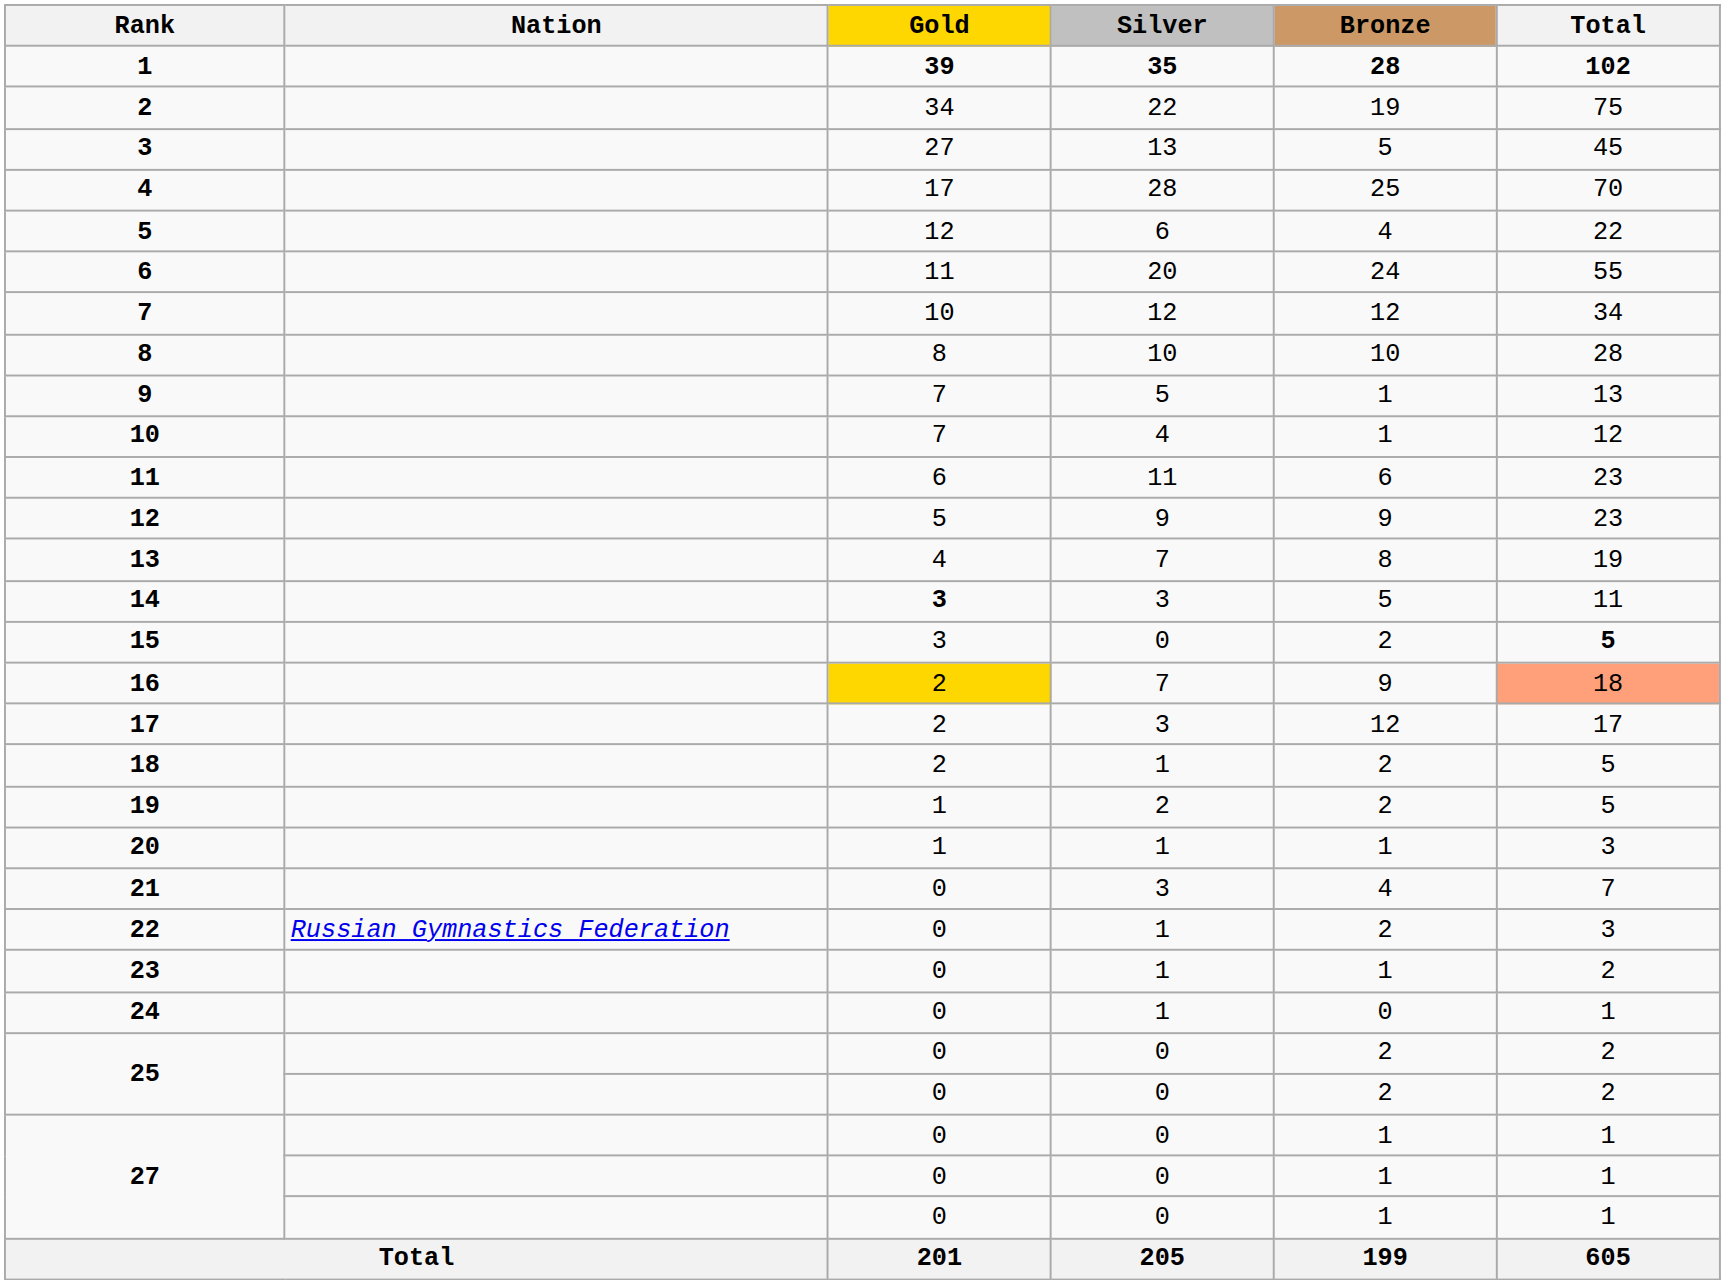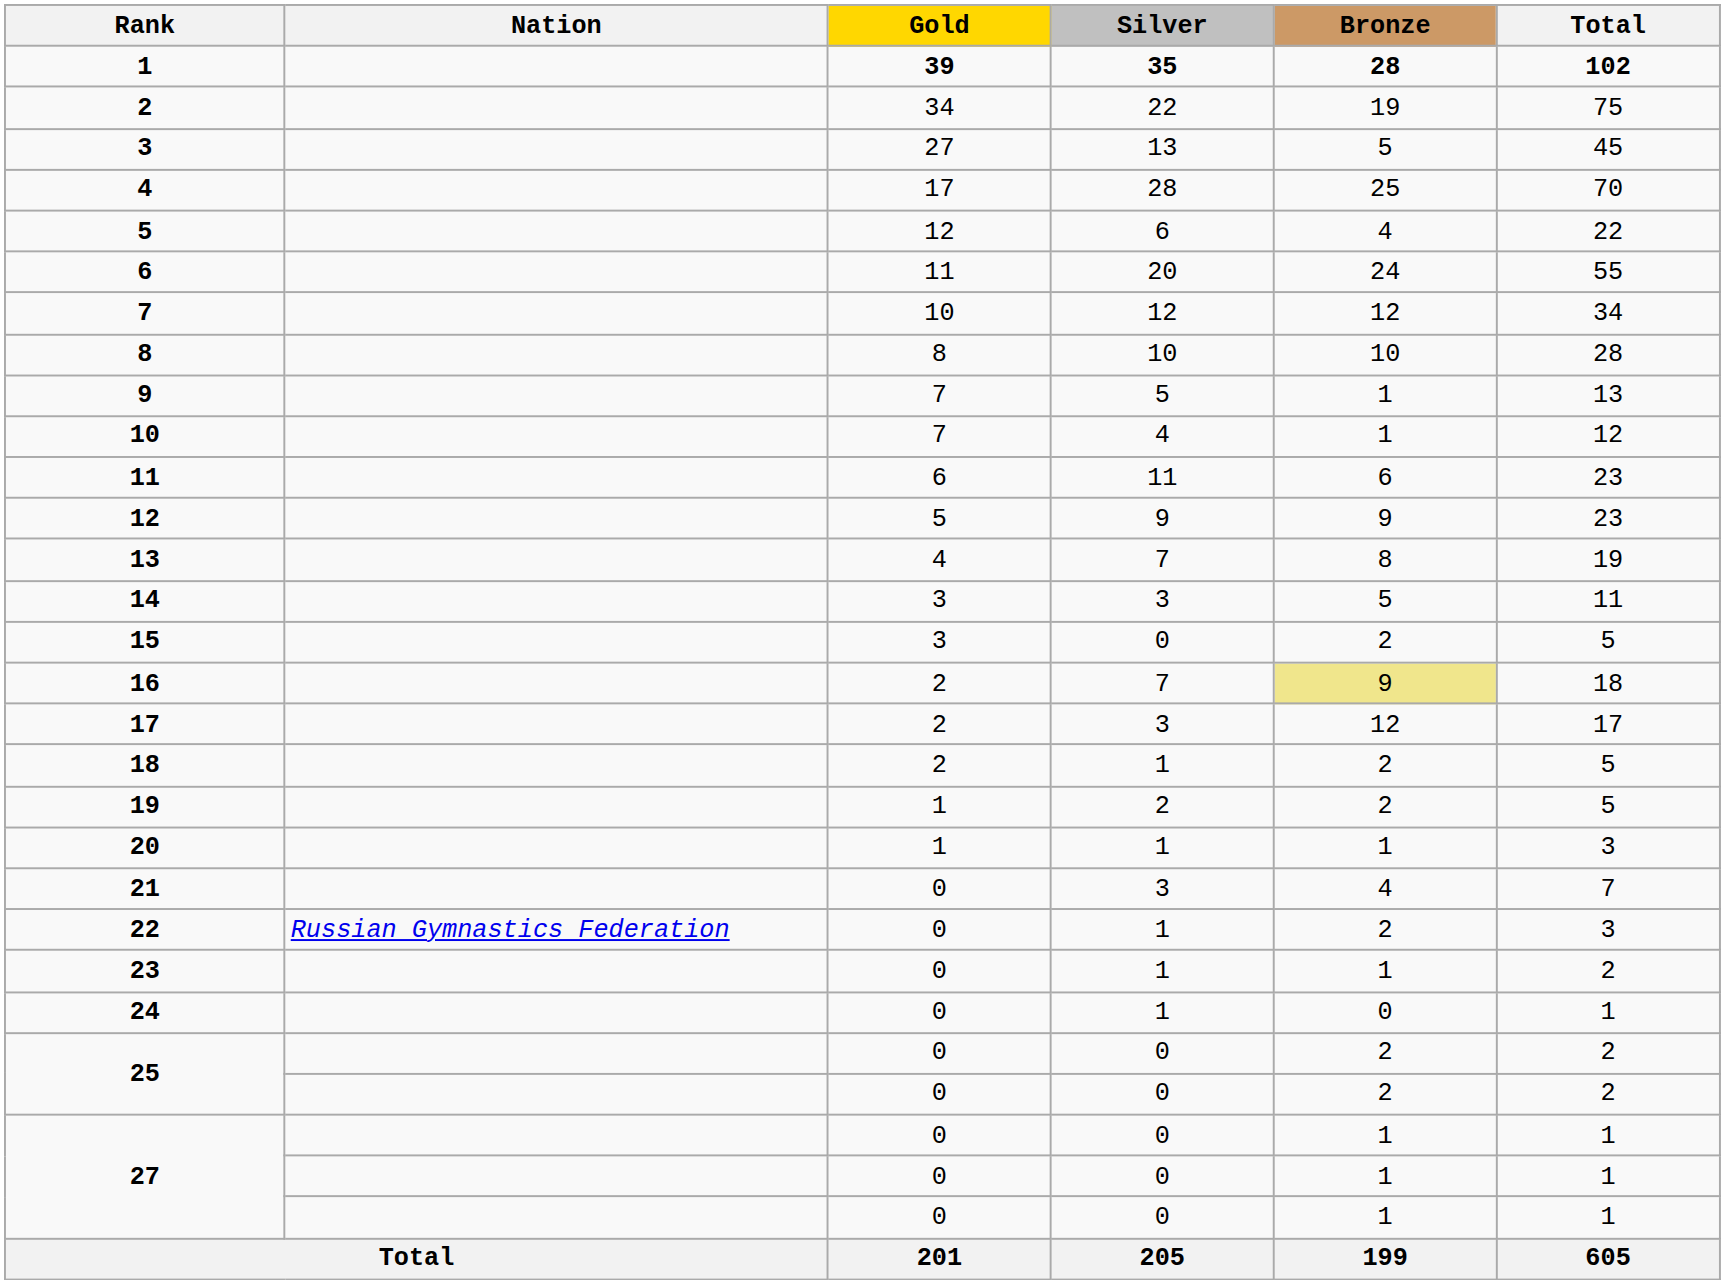 <table class="wikitable collapsible autocollapse plainrowheaders" width=70% style="text-align:center;">
 <tr style="background-color:#EDEDED;">
 <th width=100px class="hintergrundfarbe5">Rank</th>
 <th width=200px class="hintergrundfarbe6">Nation</th>
 <th style="background:    gold; width:13%">Gold</th>
 <th style="background:  silver; width:13%">Silver</th>
 <th style="background: #CC9966; width:13%">Bronze</th>
 <th class="hintergrundfarbe6" style="width:13%">Total</th>
 </tr>
 <tr>
 <td><strong>1</strong></td>
 <td align=left></td>
 <td><strong>39</strong></td>
 <td><strong>35</strong></td>
 <td><strong>28</strong></td>
 <td><strong>102</strong></td>
 </tr>
 <tr>
 <td><strong>2</strong></td>
 <td align=left></td>
 <td>34</td>
 <td>22</td>
 <td>19</td>
 <td>75</td>
 </tr>
 <tr>
 <td><strong>3</strong></td>
 <td align=left></td>
 <td>27</td>
 <td>13</td>
 <td>5</td>
 <td>45</td>
 </tr>
 <tr>
 <td><strong>4</strong></td>
 <td align=left> </td>
 <td>17</td>
 <td>28</td>
 <td>25</td>
 <td>70</td>
 </tr>
 <tr>
 <td><strong>5</strong></td>
 <td align=left><em></em></td>
 <td>12</td>
 <td>6</td>
 <td>4</td>
 <td>22</td>
 </tr>
 <tr>
 <td><strong>6</strong></td>
 <td align=left></td>
 <td>11</td>
 <td>20</td>
 <td>24</td>
 <td>55</td>
 </tr>
 <tr>
 <td><strong>7</strong></td>
 <td align=left></td>
 <td>10</td>
 <td>12</td>
 <td>12</td>
 <td>34</td>
 </tr>
 <tr>
 <td><strong>8</strong></td>
 <td align=left><em></em></td>
 <td>8</td>
 <td>10</td>
 <td>10</td>
 <td>28</td>
 </tr>
 <tr>
 <td><strong>9</strong></td>
 <td align=left></td>
 <td>7</td>
 <td>5</td>
 <td>1</td>
 <td>13</td>
 </tr>
 <tr>
 <td><strong>10</strong></td>
 <td align=left></td>
 <td>7</td>
 <td>4</td>
 <td>1</td>
 <td>12</td>
 </tr>
 <tr>
 <td><strong>11</strong></td>
 <td align=left></td>
 <td>6</td>
 <td>11</td>
 <td>6</td>
 <td>23</td>
 </tr>
 <tr>
 <td><strong>12</strong></td>
 <td align=left></td>
 <td>5</td>
 <td>9</td>
 <td>9</td>
 <td>23</td>
 </tr>
 <tr>
 <td><strong>13</strong></td>
 <td align=left></td>
 <td>4</td>
 <td>7</td>
 <td>8</td>
 <td>19</td>
 </tr>
 <tr>
 <td><strong>14</strong></td>
 <td align=left></td>
-<td><strong>3</strong></td>
+<td>3</td>
 <td>3</td>
 <td>5</td>
 <td>11</td>
 </tr>
 <tr>
 <td><strong>15</strong></td>
 <td align=left></td>
 <td>3</td>
 <td>0</td>
 <td>2</td>
-<td><strong>5</strong></td>
+<td>5</td>
 </tr>
 <tr>
 <td><strong>16</strong></td>
 <td align=left></td>
-<td style="background: gold;">2</td>
+<td>2</td>
 <td>7</td>
-<td>9</td>
-<td style="background: lightsalmon;">18</td>
+<td style="background: khaki;">9</td>
+<td>18</td>
 </tr>
 <tr>
 <td><strong>17</strong></td>
 <td align=left></td>
 <td>2</td>
 <td>3</td>
 <td>12</td>
 <td>17</td>
 </tr>
 <tr>
 <td><strong>18</strong></td>
 <td align=left></td>
 <td>2</td>
 <td>1</td>
 <td>2</td>
 <td>5</td>
 </tr>
 <tr>
 <td><strong>19</strong></td>
 <td align=left></td>
 <td>1</td>
 <td>2</td>
 <td>2</td>
 <td>5</td>
 </tr>
 <tr>
 <td><strong>20</strong></td>
 <td align=left></td>
 <td>1</td>
 <td>1</td>
 <td>1</td>
 <td>3</td>
 </tr>
 <tr>
 <td><strong>21</strong></td>
 <td align=left></td>
 <td>0</td>
 <td>3</td>
 <td>4</td>
 <td>7</td>
 </tr>
 <tr>
 <td><strong>22</strong></td>
 <td align=left><em><a href='#'>Russian Gymnastics Federation</a></em> </td>
 <td>0</td>
 <td>1</td>
 <td>2</td>
 <td>3</td>
 </tr>
 <tr>
 <td><strong>23</strong></td>
 <td align=left></td>
 <td>0</td>
 <td>1</td>
 <td>1</td>
 <td>2</td>
 </tr>
 <tr>
 <td><strong>24</strong></td>
 <td align=left></td>
 <td>0</td>
 <td>1</td>
 <td>0</td>
 <td>1</td>
 </tr>
 <tr>
 <td rowspan=2><strong>25</strong></td>
 <td align=left></td>
 <td>0</td>
 <td>0</td>
 <td>2</td>
 <td>2</td>
 </tr>
 <tr>
 <td align=left></td>
 <td>0</td>
 <td>0</td>
 <td>2</td>
 <td>2</td>
 </tr>
 <tr>
 <td rowspan=3><strong>27</strong></td>
 <td align=left></td>
 <td>0</td>
 <td>0</td>
 <td>1</td>
 <td>1</td>
 </tr>
 <tr>
 <td align=left></td>
 <td>0</td>
 <td>0</td>
 <td>1</td>
 <td>1</td>
 </tr>
 <tr>
 <td align=left></td>
 <td>0</td>
 <td>0</td>
 <td>1</td>
 <td>1</td>
 </tr>
 <tr class="sortbottom">
 <th colspan=2>Total</th>
 <th>201</th>
 <th>205</th>
 <th>199</th>
 <th>605</th>
 </tr>
 </table>
